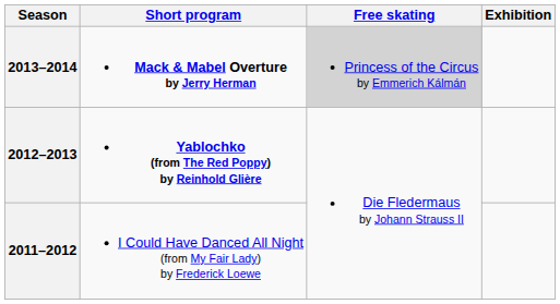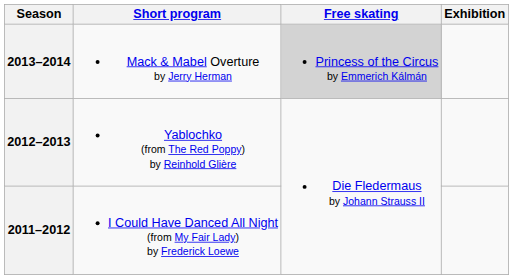 <table class="wikitable" style="text-align:center">
 <tr>
 <th>Season</th>
 <th><a href='#'>Short program</a></th>
 <th><a href='#'>Free skating</a></th>
 <th>Exhibition</th>
 </tr>
 <tr>
 <th>2013–2014 <br> </th>
-<td><strong><br><ul><li><a href='#'>Mack & Mabel</a> Overture <br><small> by <a href='#'>Jerry Herman</a> </small></li></ul></strong></td>
+<td><br><ul><li><a href='#'>Mack & Mabel</a> Overture <br><small> by <a href='#'>Jerry Herman</a> </small></li></ul></td>
 <td style="background: lightgrey;"><br><ul><li><a href='#'>Princess of the Circus</a> <br><small> by <a href='#'>Emmerich Kálmán</a> </small></li></ul></td>
 <td></td>
 </tr>
 <tr>
 <th>2012–2013 <br> </th>
-<td><strong><br><ul><li><a href='#'>Yablochko</a> <br><small> (from <a href='#'>The Red Poppy</a>) <br> by <a href='#'>Reinhold Glière</a> </small></li></ul></strong></td>
+<td><br><ul><li><a href='#'>Yablochko</a> <br><small> (from <a href='#'>The Red Poppy</a>) <br> by <a href='#'>Reinhold Glière</a> </small></li></ul></td>
 <td rowspan=2><br><ul><li><a href='#'>Die Fledermaus</a> <br><small> by <a href='#'>Johann Strauss II</a> </small></li></ul></td>
 <td></td>
 </tr>
 <tr>
 <th>2011–2012 <br> </th>
 <td><br><ul><li><a href='#'>I Could Have Danced All Night</a> <br><small> (from <a href='#'>My Fair Lady</a>) <br> by <a href='#'>Frederick Loewe</a> </small></li></ul></td>
 <td></td>
 </tr>
 </table>
